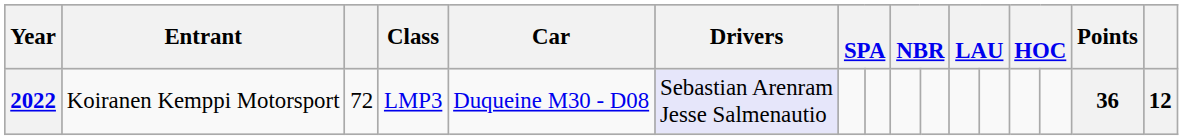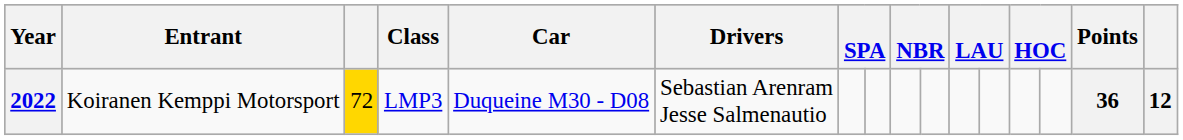 <table class="wikitable" style="text-align:center; font-size:85%">
 <tr>
 <th>Year</th>
 <th>Entrant</th>
 <th></th>
 <th>Class</th>
 <th>Car</th>
 <th>Drivers</th>
 <th colspan=2><br><a href='#'>SPA</a></th>
 <th colspan=2><br><a href='#'>NBR</a></th>
 <th colspan=2><br><a href='#'>LAU</a></th>
 <th colspan=2><br><a href='#'>HOC</a></th>
 <th>Points</th>
 <th></th>
 </tr>
 <tr>
 <th><a href='#'>2022</a></th>
 <td> Koiranen Kemppi Motorsport</td>
-<td>72</td>
+<td style="background: gold;">72</td>
 <td><a href='#'>LMP3</a></td>
 <td align="left"><a href='#'>Duqueine M30 - D08</a></td>
-<td align="left" style="background: lavender;"> Sebastian Arenram<br> Jesse Salmenautio</td>
+<td align="left"> Sebastian Arenram<br> Jesse Salmenautio</td>
 <td></td>
 <td></td>
 <td></td>
 <td></td>
 <td></td>
 <td></td>
 <td></td>
 <td></td>
 <th>36</th>
 <th>12</th>
 </tr>
 </table>
